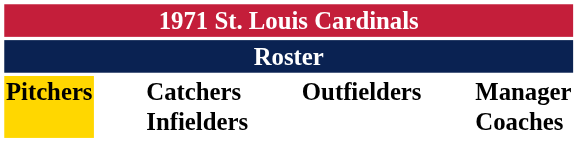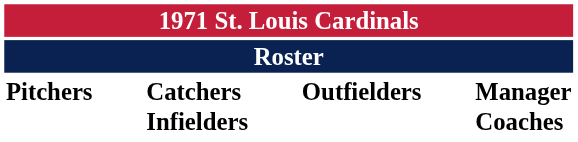 <table class="toccolours" style="font-size: 95%;">
 <tr>
 <th colspan="10" style="background-color: #c41e3a; color: white; text-align: center;">1971 St. Louis Cardinals</th>
 </tr>
 <tr>
 <td colspan="10" style="background-color: #0a2252; color: white; text-align: center;"><strong>Roster</strong></td>
 </tr>
 <tr>
-<td valign="top" style="background: gold;"><strong>Pitchers</strong><br>                      </td>
+<td valign="top"><strong>Pitchers</strong><br>                      </td>
 <td width="25px"></td>
 <td valign="top"><strong>Catchers</strong><br>   <strong>Infielders</strong>          </td>
 <td width="25px"></td>
 <td valign="top"><strong>Outfielders</strong><br>      </td>
 <td width="25px"></td>
 <td valign="top"><strong>Manager</strong><br> <strong>Coaches</strong>     </td>
 </tr>
 </table>
